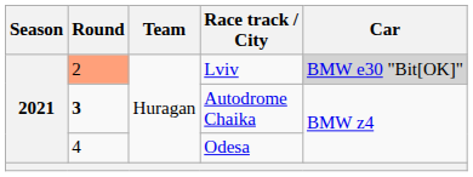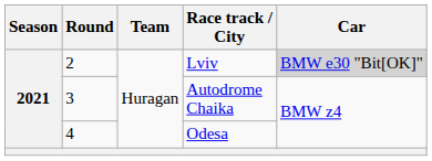 <table class="wikitable">
 <tr>
 <th>Season</th>
 <th>Round</th>
 <th>Team</th>
 <th>Race track /<br>City</th>
 <th>Car</th>
 </tr>
 <tr>
 <th rowspan="3"><strong>2021</strong></th>
-<td style="background: lightsalmon;">2</td>
+<td>2</td>
 <td rowspan="3">Huragan</td>
 <td><a href='#'>Lviv</a></td>
 <td style="background: lightgrey;"><a href='#'>BMW e30</a> "Bit[OK]"</td>
 </tr>
 <tr>
-<td><strong>3</strong></td>
+<td>3</td>
 <td><a href='#'>Autodrome</a><br><a href='#'>Chaika</a></td>
 <td rowspan="2"><a href='#'>BMW z4</a></td>
 </tr>
 <tr>
 <td>4</td>
 <td><a href='#'>Odesa</a></td>
 </tr>
 <tr>
 <th colspan="5"><small></small></th>
 </tr>
 </table>
